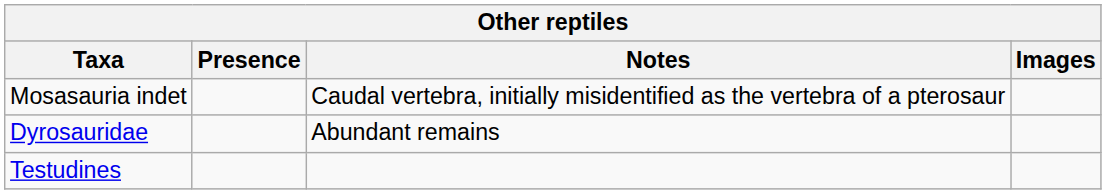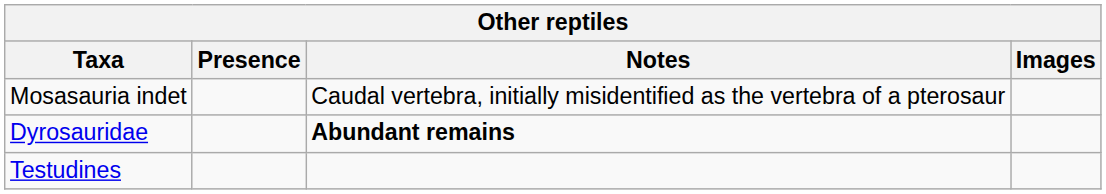 <table class="wikitable" align="center">
 <tr>
 <th colspan="5" align="center">Other reptiles</th>
 </tr>
 <tr>
 <th>Taxa</th>
 <th>Presence</th>
 <th>Notes</th>
 <th>Images</th>
 </tr>
 <tr>
 <td>Mosasauria indet</td>
 <td></td>
 <td>Caudal vertebra, initially misidentified as the vertebra of a pterosaur</td>
 <td></td>
 </tr>
 <tr>
 <td><a href='#'>Dyrosauridae</a></td>
 <td></td>
-<td>Abundant remains</td>
+<td><strong>Abundant remains</strong></td>
 <td></td>
 </tr>
 <tr>
 <td><a href='#'>Testudines</a></td>
 <td></td>
 <td></td>
 <td></td>
 </tr>
 </table>
